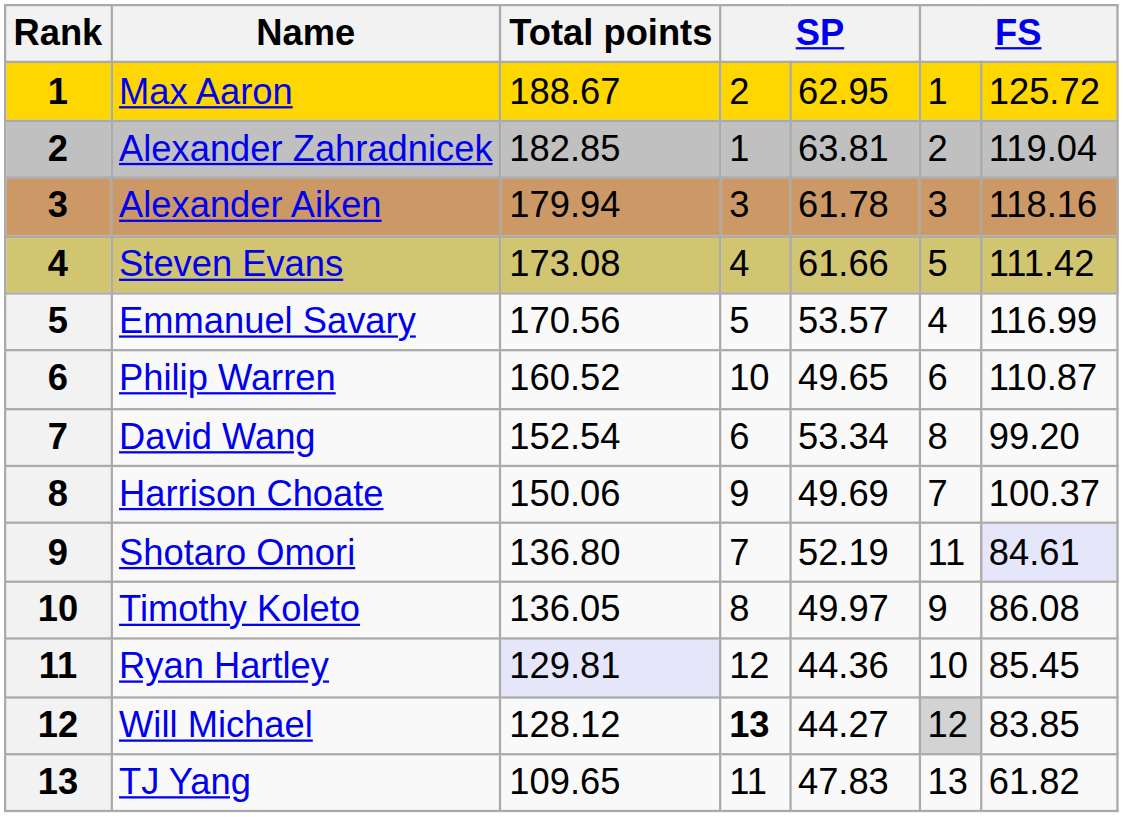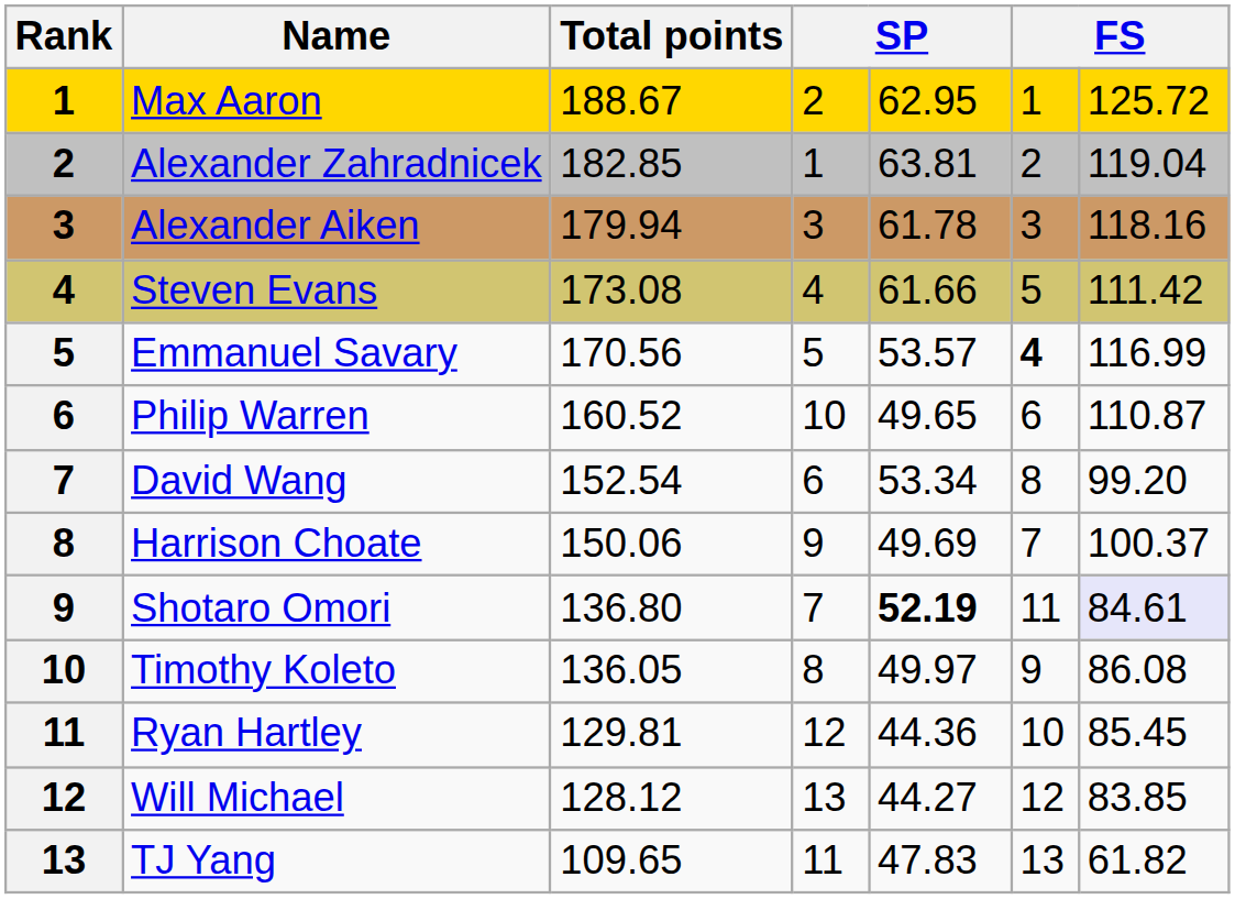 <table class="wikitable sortable">
 <tr>
 <th>Rank</th>
 <th>Name</th>
 <th>Total points</th>
 <th colspan="2" width="80px"><a href='#'>SP</a></th>
 <th colspan="2" width="80px"><a href='#'>FS</a></th>
 </tr>
 <tr bgcolor="gold">
 <td align="center"><strong>1</strong></td>
 <td><a href='#'>Max Aaron</a></td>
 <td>188.67</td>
 <td>2</td>
 <td>62.95</td>
 <td>1</td>
 <td>125.72</td>
 </tr>
 <tr bgcolor="silver">
 <td align="center"><strong>2</strong></td>
 <td><a href='#'>Alexander Zahradnicek</a></td>
 <td>182.85</td>
 <td>1</td>
 <td>63.81</td>
 <td>2</td>
 <td>119.04</td>
 </tr>
 <tr bgcolor="cc9966">
 <td align="center"><strong>3</strong></td>
 <td><a href='#'>Alexander Aiken</a></td>
 <td>179.94</td>
 <td>3</td>
 <td>61.78</td>
 <td>3</td>
 <td>118.16</td>
 </tr>
 <tr bgcolor="#d1c571">
 <td align="center"><strong>4</strong></td>
 <td><a href='#'>Steven Evans</a></td>
 <td>173.08</td>
 <td>4</td>
 <td>61.66</td>
 <td>5</td>
 <td>111.42</td>
 </tr>
 <tr>
 <th>5</th>
 <td><a href='#'>Emmanuel Savary</a></td>
 <td>170.56</td>
 <td>5</td>
 <td>53.57</td>
-<td>4</td>
+<td><strong>4</strong></td>
 <td>116.99</td>
 </tr>
 <tr>
 <th>6</th>
 <td><a href='#'>Philip Warren</a></td>
 <td>160.52</td>
 <td>10</td>
 <td>49.65</td>
 <td>6</td>
 <td>110.87</td>
 </tr>
 <tr>
 <th>7</th>
 <td><a href='#'>David Wang</a></td>
 <td>152.54</td>
 <td>6</td>
 <td>53.34</td>
 <td>8</td>
 <td>99.20</td>
 </tr>
 <tr>
 <th>8</th>
 <td><a href='#'>Harrison Choate</a></td>
 <td>150.06</td>
 <td>9</td>
 <td>49.69</td>
 <td>7</td>
 <td>100.37</td>
 </tr>
 <tr>
 <th>9</th>
 <td><a href='#'>Shotaro Omori</a></td>
 <td>136.80</td>
 <td>7</td>
-<td>52.19</td>
+<td><strong>52.19</strong></td>
 <td>11</td>
 <td style="background: lavender;">84.61</td>
 </tr>
 <tr>
 <th>10</th>
 <td><a href='#'>Timothy Koleto</a></td>
 <td>136.05</td>
 <td>8</td>
 <td>49.97</td>
 <td>9</td>
 <td>86.08</td>
 </tr>
 <tr>
 <th>11</th>
 <td><a href='#'>Ryan Hartley</a></td>
-<td style="background: lavender;">129.81</td>
+<td>129.81</td>
 <td>12</td>
 <td>44.36</td>
 <td>10</td>
 <td>85.45</td>
 </tr>
 <tr>
 <th>12</th>
 <td><a href='#'>Will Michael</a></td>
 <td>128.12</td>
-<td><strong>13</strong></td>
+<td>13</td>
 <td>44.27</td>
-<td style="background: lightgrey;">12</td>
+<td>12</td>
 <td>83.85</td>
 </tr>
 <tr>
 <th>13</th>
 <td><a href='#'>TJ Yang</a></td>
 <td>109.65</td>
 <td>11</td>
 <td>47.83</td>
 <td>13</td>
 <td>61.82</td>
 </tr>
 </table>
